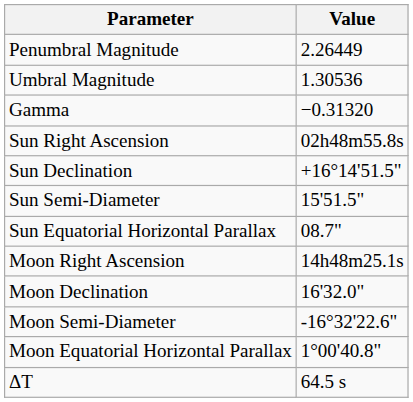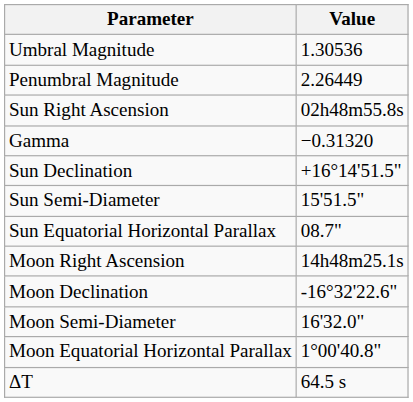 <table class="wikitable">
 <tr>
 <th>Parameter</th>
 <th>Value</th>
 </tr>
 <tr>
+<td>Umbral Magnitude</td>
+<td>1.30536</td>
+</tr>
+<tr>
 <td>Penumbral Magnitude</td>
 <td>2.26449</td>
 </tr>
 <tr>
-<td>Umbral Magnitude</td>
-<td>1.30536</td>
+<td>Sun Right Ascension</td>
+<td>02h48m55.8s</td>
 </tr>
 <tr>
 <td>Gamma</td>
 <td>−0.31320</td>
-</tr>
-<tr>
-<td>Sun Right Ascension</td>
-<td>02h48m55.8s</td>
 </tr>
 <tr>
 <td>Sun Declination</td>
 <td>+16°14'51.5"</td>
 </tr>
 <tr>
 <td>Sun Semi-Diameter</td>
 <td>15'51.5"</td>
 </tr>
 <tr>
 <td>Sun Equatorial Horizontal Parallax</td>
 <td>08.7"</td>
 </tr>
 <tr>
 <td>Moon Right Ascension</td>
 <td>14h48m25.1s</td>
 </tr>
 <tr>
 <td>Moon Declination</td>
-<td>16'32.0"</td>
+<td>-16°32'22.6"</td>
 </tr>
 <tr>
 <td>Moon Semi-Diameter</td>
-<td>-16°32'22.6"</td>
+<td>16'32.0"</td>
 </tr>
 <tr>
 <td>Moon Equatorial Horizontal Parallax</td>
 <td>1°00'40.8"</td>
 </tr>
 <tr>
 <td>ΔT</td>
 <td>64.5 s</td>
 </tr>
 </table>
